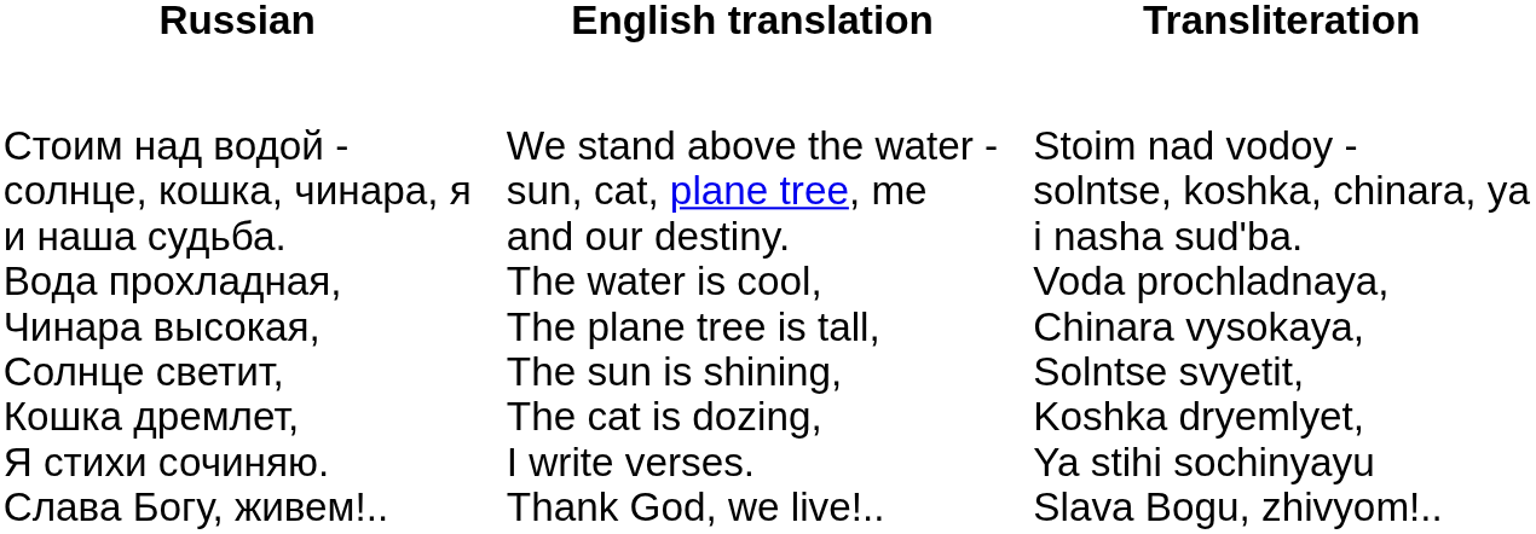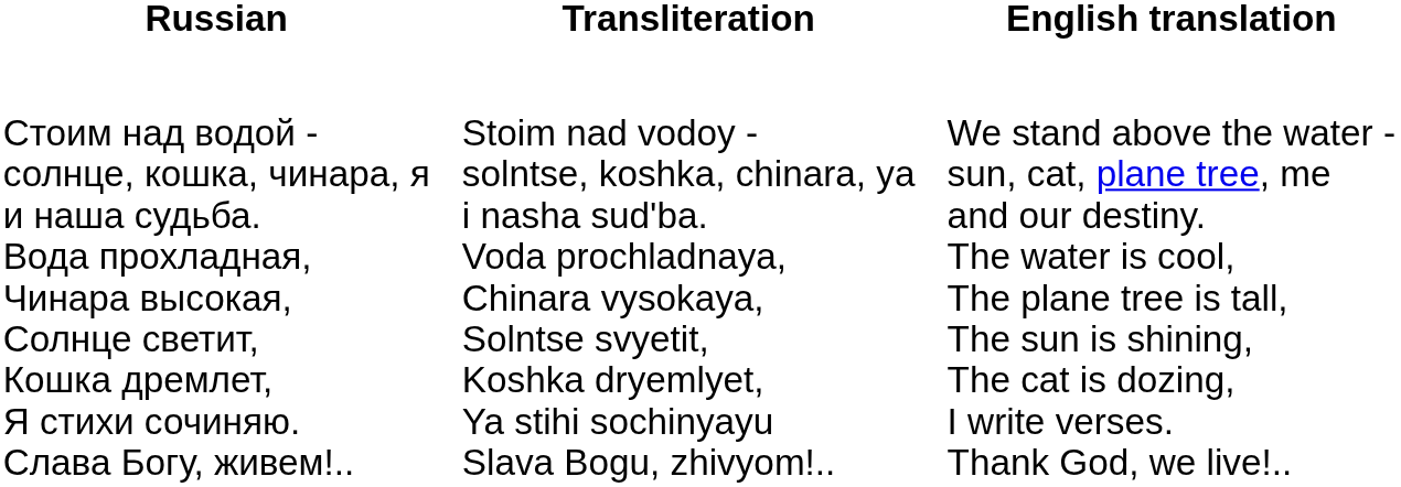 <table cellpadding="6">
 <tr>
 <th>Russian</th>
+<th>Transliteration</th>
 <th>English translation</th>
-<th>Transliteration</th>
 </tr>
 <tr style="vertical-align:top; white-space:nowrap;">
 <td><br>Стоим над водой - <br> солнце, кошка, чинара, я<br> и наша судьба.<br> Вода прохладная,<br> Чинара высокая,<br> Солнце светит,<br> Кошка дремлет,<br> Я стихи сочиняю.<br> Слава Богу, живем!..</td>
+<td><br>Stoim nad vodoy - <br> solntse, koshka, chinara, ya<br> i nasha sud'ba.<br> Voda prochladnaya,<br> Chinara vysokaya,<br> Solntse svyetit,<br> Koshka dryemlyet,<br> Ya stihi sochinyayu<br> Slava Bogu, zhivyom!..</td>
 <td><br>We stand above the water - <br> sun, cat, <a href='#'>plane tree</a>, me<br> and our destiny.<br> The water is cool,<br> The plane tree is tall,<br> The sun is shining,<br> The cat is dozing,<br> I write verses.<br> Thank God, we live!..</td>
-<td><br>Stoim nad vodoy - <br> solntse, koshka, chinara, ya<br> i nasha sud'ba.<br> Voda prochladnaya,<br> Chinara vysokaya,<br> Solntse svyetit,<br> Koshka dryemlyet,<br> Ya stihi sochinyayu<br> Slava Bogu, zhivyom!..</td>
 </tr>
 </table>
